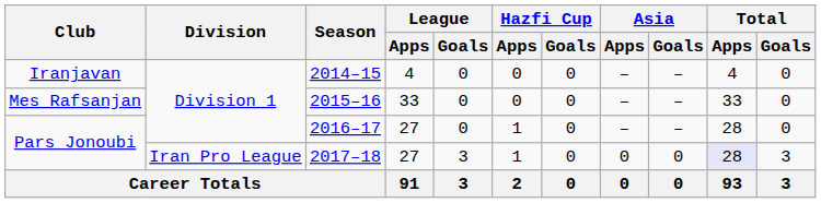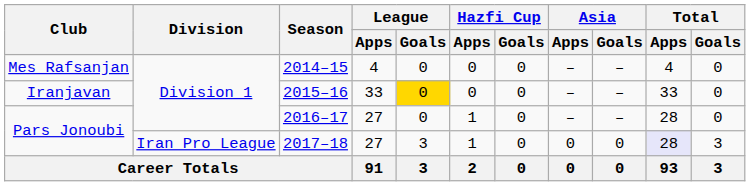 <table class="wikitable" style="text-align: center;">
 <tr>
 <th rowspan="2">Club</th>
 <th rowspan="2">Division</th>
 <th rowspan="2">Season</th>
 <th colspan="2">League</th>
 <th colspan="2"><a href='#'>Hazfi Cup</a></th>
 <th colspan="2"><a href='#'>Asia</a></th>
 <th colspan="2">Total</th>
 </tr>
 <tr>
 <th>Apps</th>
 <th>Goals</th>
 <th>Apps</th>
 <th>Goals</th>
 <th>Apps</th>
 <th>Goals</th>
 <th>Apps</th>
 <th>Goals</th>
 </tr>
 <tr>
-<td><a href='#'>Iranjavan</a></td>
+<td><a href='#'>Mes Rafsanjan</a></td>
 <td rowspan="3"><a href='#'>Division 1</a></td>
 <td><a href='#'>2014–15</a></td>
 <td>4</td>
 <td>0</td>
 <td>0</td>
 <td>0</td>
 <td>–</td>
 <td>–</td>
 <td>4</td>
 <td>0</td>
 </tr>
 <tr>
-<td><a href='#'>Mes Rafsanjan</a></td>
+<td><a href='#'>Iranjavan</a></td>
 <td><a href='#'>2015–16</a></td>
 <td>33</td>
-<td>0</td>
+<td style="background: gold;">0</td>
 <td>0</td>
 <td>0</td>
 <td>–</td>
 <td>–</td>
 <td>33</td>
 <td>0</td>
 </tr>
 <tr>
 <td rowspan="2"><a href='#'>Pars Jonoubi</a></td>
 <td><a href='#'>2016–17</a></td>
 <td>27</td>
 <td>0</td>
 <td>1</td>
 <td>0</td>
 <td>–</td>
 <td>–</td>
 <td>28</td>
 <td>0</td>
 </tr>
 <tr>
 <td rowspan="1"><a href='#'>Iran Pro League</a></td>
 <td><a href='#'>2017–18</a></td>
 <td>27</td>
 <td>3</td>
 <td>1</td>
 <td>0</td>
 <td>0</td>
 <td>0</td>
 <td style="background: lavender;">28</td>
 <td>3</td>
 </tr>
 <tr>
 <th colspan=3>Career Totals</th>
 <th>91</th>
 <th>3</th>
 <th>2</th>
 <th>0</th>
 <th>0</th>
 <th>0</th>
 <th>93</th>
 <th>3</th>
 </tr>
 </table>
